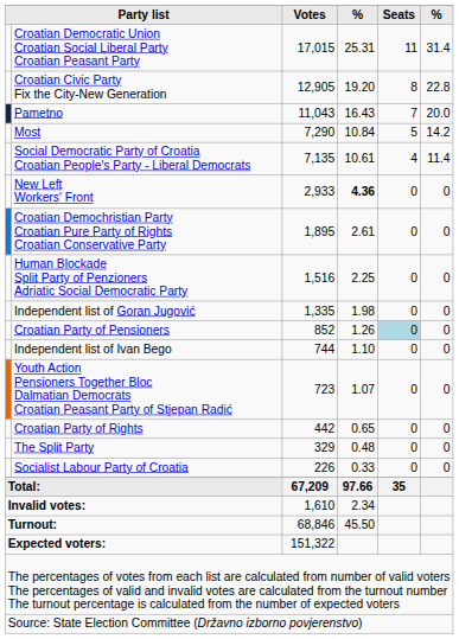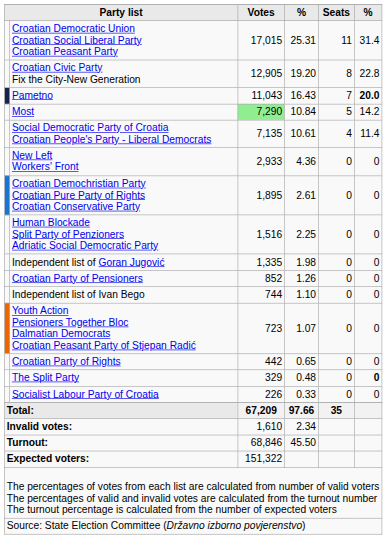 <table class="wikitable" border="1">
 <tr>
 </tr>
 <tr style="background-color:#C9C9C9">
 <th style="background-color:#E9E9E9" align= center colspan="2">Party list</th>
 <th style="background-color:#E9E9E9" align= center>Votes</th>
 <th style="background-color:#E9E9E9" align= center>%</th>
 <th style="background-color:#E9E9E9" align= center>Seats</th>
 <th style="background-color:#E9E9E9" align= center>%</th>
 </tr>
 <tr>
 <td></td>
 <td align = left><a href='#'>Croatian Democratic Union</a> <br> <a href='#'>Croatian Social Liberal Party</a> <br> <a href='#'>Croatian Peasant Party</a></td>
 <td align = right>17,015</td>
 <td align = right>25.31</td>
 <td align = right>11</td>
 <td align = right>31.4</td>
 </tr>
 <tr>
 <td></td>
 <td align = left><a href='#'>Croatian Civic Party</a> <br> Fix the City-New Generation</td>
 <td align = right>12,905</td>
 <td align = right>19.20</td>
 <td align = right>8</td>
 <td align = right>22.8</td>
 </tr>
 <tr>
 <td bgcolor="#17234d"></td>
 <td align = left><a href='#'>Pametno</a></td>
 <td align = right>11,043</td>
 <td align = right>16.43</td>
 <td align = right>7</td>
-<td align = right>20.0</td>
+<td align = right><strong>20.0</strong></td>
 </tr>
 <tr>
 <td></td>
 <td align = left><a href='#'>Most</a></td>
-<td align = right>7,290</td>
+<td align = right style="background: lightgreen;">7,290</td>
 <td align = right>10.84</td>
 <td align = right>5</td>
 <td align = right>14.2</td>
 </tr>
 <tr>
 <td></td>
 <td align = left><a href='#'>Social Democratic Party of Croatia</a> <br> <a href='#'>Croatian People's Party - Liberal Democrats</a></td>
 <td align = right>7,135</td>
 <td align = right>10.61</td>
 <td align = right>4</td>
 <td align = right>11.4</td>
 </tr>
 <tr>
 <td></td>
 <td align = left><a href='#'>New Left</a> <br> <a href='#'>Workers' Front</a></td>
 <td align = right>2,933</td>
-<td align = right><strong>4.36</strong></td>
+<td align = right>4.36</td>
 <td align = right>0</td>
 <td align = right>0</td>
 </tr>
 <tr>
 <td bgcolor="#1974D2"></td>
 <td align = left><a href='#'>Croatian Demochristian Party</a> <br> <a href='#'>Croatian Pure Party of Rights</a> <br> <a href='#'>Croatian Conservative Party</a></td>
 <td align = right>1,895</td>
 <td align = right>2.61</td>
 <td align = right>0</td>
 <td align = right>0</td>
 </tr>
 <tr>
 <td></td>
 <td align = left><a href='#'>Human Blockade</a> <br> <a href='#'>Split Party of Penzioners</a> <br> <a href='#'>Adriatic Social Democratic Party</a></td>
 <td align = right>1,516</td>
 <td align = right>2.25</td>
 <td align = right>0</td>
 <td align = right>0</td>
 </tr>
 <tr>
 <td></td>
 <td align = left>Independent list of <a href='#'>Goran Jugović</a></td>
 <td align = right>1,335</td>
 <td align = right>1.98</td>
 <td align = right>0</td>
 <td align = right>0</td>
 </tr>
 <tr>
 <td></td>
 <td align = left><a href='#'>Croatian Party of Pensioners</a></td>
 <td align = right>852</td>
 <td align = right>1.26</td>
-<td align = right style="background: lightblue;">0</td>
+<td align = right>0</td>
 <td align = right>0</td>
 </tr>
 <tr>
 <td></td>
 <td align = left>Independent list of Ivan Bego</td>
 <td align = right>744</td>
 <td align = right>1.10</td>
 <td align = right>0</td>
 <td align = right>0</td>
 </tr>
 <tr>
 <td bgcolor="#EB6500"></td>
 <td align = left><a href='#'>Youth Action</a> <br> <a href='#'>Pensioners Together Bloc</a> <br> <a href='#'>Dalmatian Democrats</a> <br> <a href='#'>Croatian Peasant Party of Stjepan Radić</a></td>
 <td align = right>723</td>
 <td align = right>1.07</td>
 <td align = right>0</td>
 <td align = right>0</td>
 </tr>
 <tr>
 <td></td>
 <td align = left><a href='#'>Croatian Party of Rights</a></td>
 <td align = right>442</td>
 <td align = right>0.65</td>
 <td align = right>0</td>
 <td align = right>0</td>
 </tr>
 <tr>
 <td bgcolor="white"></td>
 <td align = left><a href='#'>The Split Party</a></td>
 <td align = right>329</td>
 <td align = right>0.48</td>
 <td align = right>0</td>
-<td align = right>0</td>
+<td align = right><strong>0</strong></td>
 </tr>
 <tr>
 <td></td>
 <td align = left><a href='#'>Socialist Labour Party of Croatia</a></td>
 <td align = right>226</td>
 <td align = right>0.33</td>
 <td align = right>0</td>
 <td align = right>0</td>
 </tr>
 <tr>
 </tr>
 <tr style="background-color:#E9E9E9">
 <td align=left colspan=2><strong>Total:</strong></td>
 <th align=right>67,209</th>
 <th align=right>97.66</th>
 <th align=right>35</th>
 <th align=right></th>
 </tr>
 <tr>
 <td align=left colspan=2><strong>Invalid votes:</strong></td>
 <td align=right>1,610</td>
 <td align=right>2.34</td>
 <td align=right></td>
 <td align=right></td>
 </tr>
 <tr>
 <td align=left colspan=2><strong>Turnout:</strong></td>
 <td align=right>68,846</td>
 <td align=right>45.50</td>
 <td align=right></td>
 <td align=right></td>
 </tr>
 <tr>
 <td align=left colspan=2><strong>Expected voters:</strong></td>
 <td align=right>151,322</td>
 <td align=right></td>
 <td align=right></td>
 <td align=right></td>
 </tr>
 <tr>
 <td align=left colspan=6><br>The percentages of votes from each list are calculated from number of valid voters<br> The percentages of valid and invalid votes are calculated from the turnout number<br> The turnout percentage is calculated from the number of expected voters</td>
 </tr>
 <tr>
 <td align=left colspan=6>Source: State Election Committee (<em>Državno izborno povjerenstvo</em>) </td>
 </tr>
 </table>
